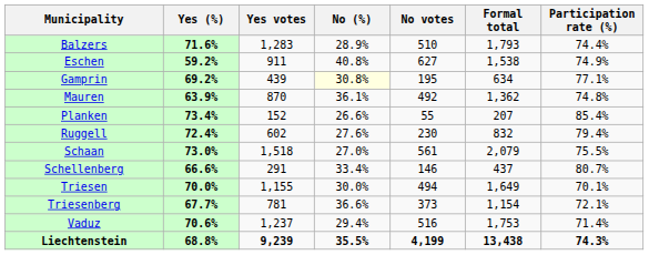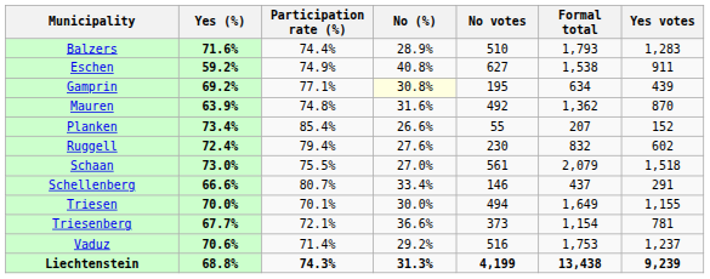 <table class="wikitable sortable" style="width:60%;">
 <tr style="background:lightgrey;">
 <th style="width:21%;">Municipality</th>
 <th style="width:10%;">Yes (%)</th>
-<th style="width:10%;">Yes votes</th>
+<th style="width:10%;">Participation rate (%)</th>
 <th style="width:10%;">No (%)</th>
 <th style="width:10%;">No votes</th>
 <th style="width:10%;">Formal total</th>
-<th style="width:10%;">Participation rate (%)</th>
+<th style="width:10%;">Yes votes</th>
 </tr>
 <tr>
 <td style="text-align:center; background:#cfc;"><a href='#'>Balzers</a></td>
 <td style="text-align:center; background:#cfc;"><strong>71.6%</strong></td>
-<td style="text-align:center;">1,283</td>
+<td style="text-align:center;">74.4%</td>
 <td style="text-align:center;">28.9%</td>
 <td style="text-align:center;">510</td>
 <td style="text-align:center;">1,793</td>
-<td style="text-align:center;">74.4%</td>
+<td style="text-align:center;">1,283</td>
 </tr>
 <tr>
 <td style="text-align:center;background:#cfc;"><a href='#'>Eschen</a></td>
 <td style="text-align:center; background:#cfc;"><strong>59.2%</strong></td>
-<td style="text-align:center;">911</td>
+<td style="text-align:center;">74.9%</td>
 <td style="text-align:center;">40.8%</td>
 <td style="text-align:center;">627</td>
 <td style="text-align:center;">1,538</td>
-<td style="text-align:center;">74.9%</td>
+<td style="text-align:center;">911</td>
 </tr>
 <tr>
 <td style="text-align:center;background:#cfc;"><a href='#'>Gamprin</a></td>
 <td style="text-align:center; background:#cfc;"><strong>69.2%</strong></td>
-<td style="text-align:center;">439</td>
+<td style="text-align:center;">77.1%</td>
 <td style="background: lightyellow; text-align:center;">30.8%</td>
 <td style="text-align:center;">195</td>
 <td style="text-align:center;">634</td>
-<td style="text-align:center;">77.1%</td>
+<td style="text-align:center;">439</td>
 </tr>
 <tr>
 <td style="text-align:center;background:#cfc;"><a href='#'>Mauren</a></td>
 <td style="text-align:center; background:#cfc;"><strong>63.9%</strong></td>
-<td style="text-align:center;">870</td>
-<td style="text-align:center;">36.1%</td>
+<td style="text-align:center;">74.8%</td>
+<td style="text-align:center;">31.6%</td>
 <td style="text-align:center;">492</td>
 <td style="text-align:center;">1,362</td>
-<td style="text-align:center;">74.8%</td>
+<td style="text-align:center;">870</td>
 </tr>
 <tr>
 <td style="text-align:center;background:#cfc;"><a href='#'>Planken</a></td>
 <td style="text-align:center; background:#cfc;"><strong>73.4%</strong></td>
-<td style="text-align:center;">152</td>
+<td style="text-align:center;">85.4%</td>
 <td style="text-align:center;">26.6%</td>
 <td style="text-align:center;">55</td>
 <td style="text-align:center;">207</td>
-<td style="text-align:center;">85.4%</td>
+<td style="text-align:center;">152</td>
 </tr>
 <tr>
 <td style="text-align:center;background:#cfc;"><a href='#'>Ruggell</a></td>
 <td style="text-align:center; background:#cfc;"><strong>72.4%</strong></td>
-<td style="text-align:center;">602</td>
+<td style="text-align:center;">79.4%</td>
 <td style="text-align:center;">27.6%</td>
 <td style="text-align:center;">230</td>
 <td style="text-align:center;">832</td>
-<td style="text-align:center;">79.4%</td>
+<td style="text-align:center;">602</td>
 </tr>
 <tr>
 <td style="text-align:center;background:#cfc;"><a href='#'>Schaan</a></td>
 <td style="text-align:center; background:#cfc;"><strong>73.0%</strong></td>
-<td style="text-align:center;">1,518</td>
+<td style="text-align:center;">75.5%</td>
 <td style="text-align:center;">27.0%</td>
 <td style="text-align:center;">561</td>
 <td style="text-align:center;">2,079</td>
-<td style="text-align:center;">75.5%</td>
+<td style="text-align:center;">1,518</td>
 </tr>
 <tr>
 <td style="text-align:center;background:#cfc;"><a href='#'>Schellenberg</a></td>
 <td style="text-align:center; background:#cfc;"><strong>66.6%</strong></td>
-<td style="text-align:center;">291</td>
+<td style="text-align:center;">80.7%</td>
 <td style="text-align:center;">33.4%</td>
 <td style="text-align:center;">146</td>
 <td style="text-align:center;">437</td>
-<td style="text-align:center;">80.7%</td>
+<td style="text-align:center;">291</td>
 </tr>
 <tr>
 <td style="text-align:center;background:#cfc;"><a href='#'>Triesen</a></td>
 <td style="text-align:center; background:#cfc;"><strong>70.0%</strong></td>
-<td style="text-align:center;">1,155</td>
+<td style="text-align:center;">70.1%</td>
 <td style="text-align:center;">30.0%</td>
 <td style="text-align:center;">494</td>
 <td style="text-align:center;">1,649</td>
-<td style="text-align:center;">70.1%</td>
+<td style="text-align:center;">1,155</td>
 </tr>
 <tr>
 <td style="text-align:center;background:#cfc;"><a href='#'>Triesenberg</a></td>
 <td style="text-align:center; background:#cfc;"><strong>67.7%</strong></td>
-<td style="text-align:center;">781</td>
+<td style="text-align:center;">72.1%</td>
 <td style="text-align:center;">36.6%</td>
 <td style="text-align:center;">373</td>
 <td style="text-align:center;">1,154</td>
-<td style="text-align:center;">72.1%</td>
+<td style="text-align:center;">781</td>
 </tr>
 <tr>
 <td style="text-align:center;background:#cfc;"><a href='#'>Vaduz</a></td>
 <td style="text-align:center; background:#cfc;"><strong>70.6%</strong></td>
-<td style="text-align:center;">1,237</td>
-<td style="text-align:center;">29.4%</td>
+<td style="text-align:center;">71.4%</td>
+<td style="text-align:center;">29.2%</td>
 <td style="text-align:center;">516</td>
 <td style="text-align:center;">1,753</td>
-<td style="text-align:center;">71.4%</td>
+<td style="text-align:center;">1,237</td>
 </tr>
 <tr>
 <td style="text-align:center;background:#cfc;"><strong>Liechtenstein</strong></td>
 <td style="text-align:center; background:#cfc;"><strong>68.8%</strong></td>
-<td style="text-align:center;"><strong>9,239</strong></td>
-<td style="text-align:center;"><strong>35.5%</strong></td>
+<td style="text-align:center;"><strong>74.3%</strong></td>
+<td style="text-align:center;"><strong>31.3%</strong></td>
 <td style="text-align:center;"><strong>4,199</strong></td>
 <td style="text-align:center;"><strong>13,438</strong></td>
-<td style="text-align:center;"><strong>74.3%</strong></td>
+<td style="text-align:center;"><strong>9,239</strong></td>
 </tr>
 </table>
